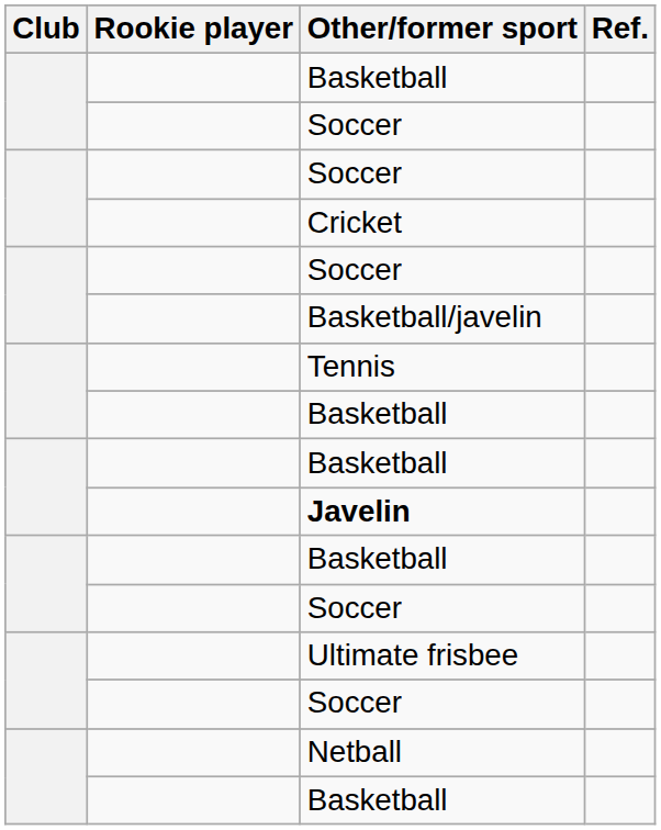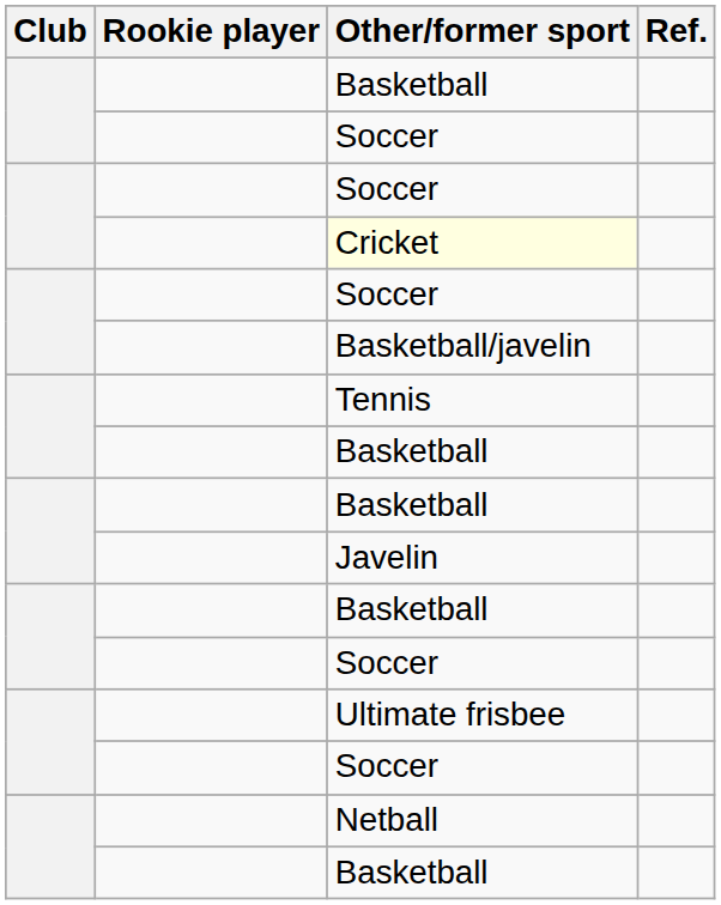 <table class="wikitable" style="text-align:left;">
 <tr>
 <th>Club</th>
 <th>Rookie player</th>
 <th>Other/former sport</th>
 <th class=unsortable>Ref.</th>
 </tr>
 <tr>
 <th rowspan="2" ></th>
 <td></td>
 <td>Basketball</td>
 <td></td>
 </tr>
 <tr>
 <td></td>
 <td>Soccer</td>
 <td></td>
 </tr>
 <tr>
 <th rowspan="2" ></th>
 <td></td>
 <td>Soccer</td>
 <td></td>
 </tr>
 <tr>
 <td></td>
-<td>Cricket</td>
+<td style="background: lightyellow;">Cricket</td>
 <td></td>
 </tr>
 <tr>
 <th rowspan="2" ></th>
 <td></td>
 <td>Soccer</td>
 <td></td>
 </tr>
 <tr>
 <td></td>
 <td>Basketball/javelin</td>
 <td></td>
 </tr>
 <tr>
 <th rowspan="2" ></th>
 <td></td>
 <td>Tennis</td>
 <td></td>
 </tr>
 <tr>
 <td></td>
 <td>Basketball</td>
 <td></td>
 </tr>
 <tr>
 <th rowspan="2" ></th>
 <td></td>
 <td>Basketball</td>
 <td></td>
 </tr>
 <tr>
 <td></td>
-<td><strong>Javelin</strong></td>
+<td>Javelin</td>
 <td></td>
 </tr>
 <tr>
 <th rowspan="2" ></th>
 <td></td>
 <td>Basketball</td>
 <td></td>
 </tr>
 <tr>
 <td></td>
 <td>Soccer</td>
 <td></td>
 </tr>
 <tr>
 <th rowspan="2" ></th>
 <td></td>
 <td>Ultimate frisbee</td>
 <td></td>
 </tr>
 <tr>
 <td></td>
 <td>Soccer</td>
 <td></td>
 </tr>
 <tr>
 <th rowspan="2" ></th>
 <td></td>
 <td>Netball</td>
 <td></td>
 </tr>
 <tr>
 <td></td>
 <td>Basketball</td>
 <td></td>
 </tr>
 </table>
